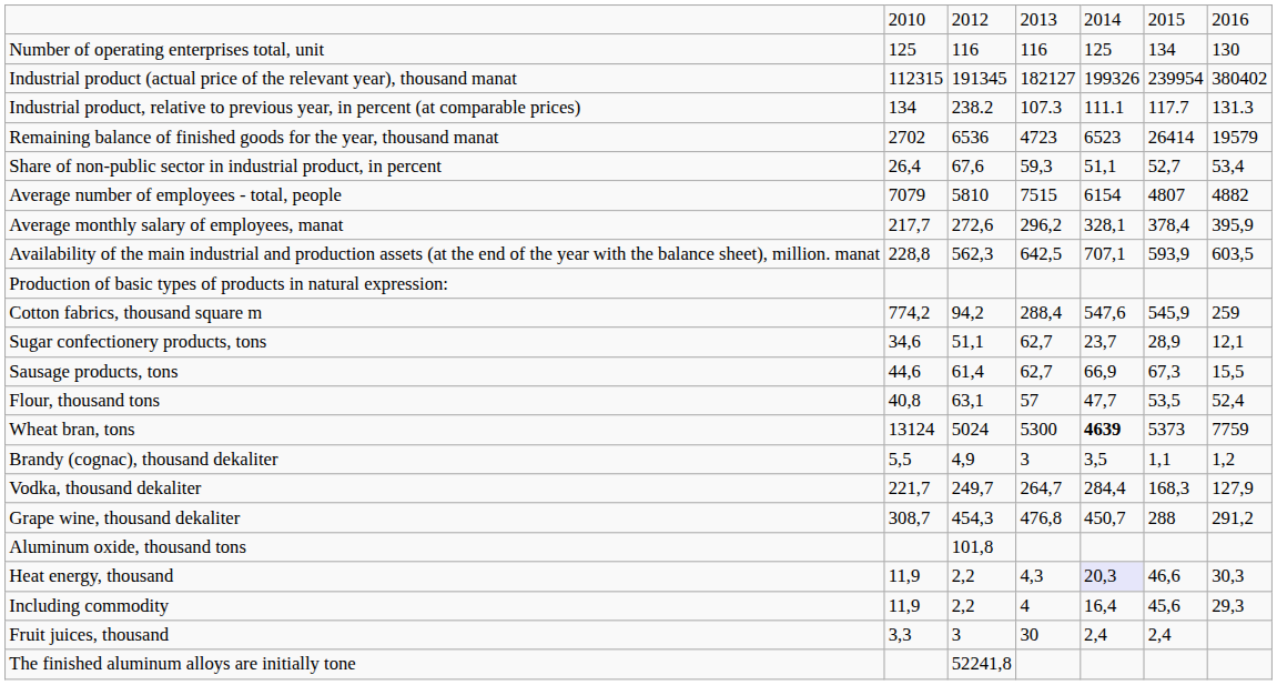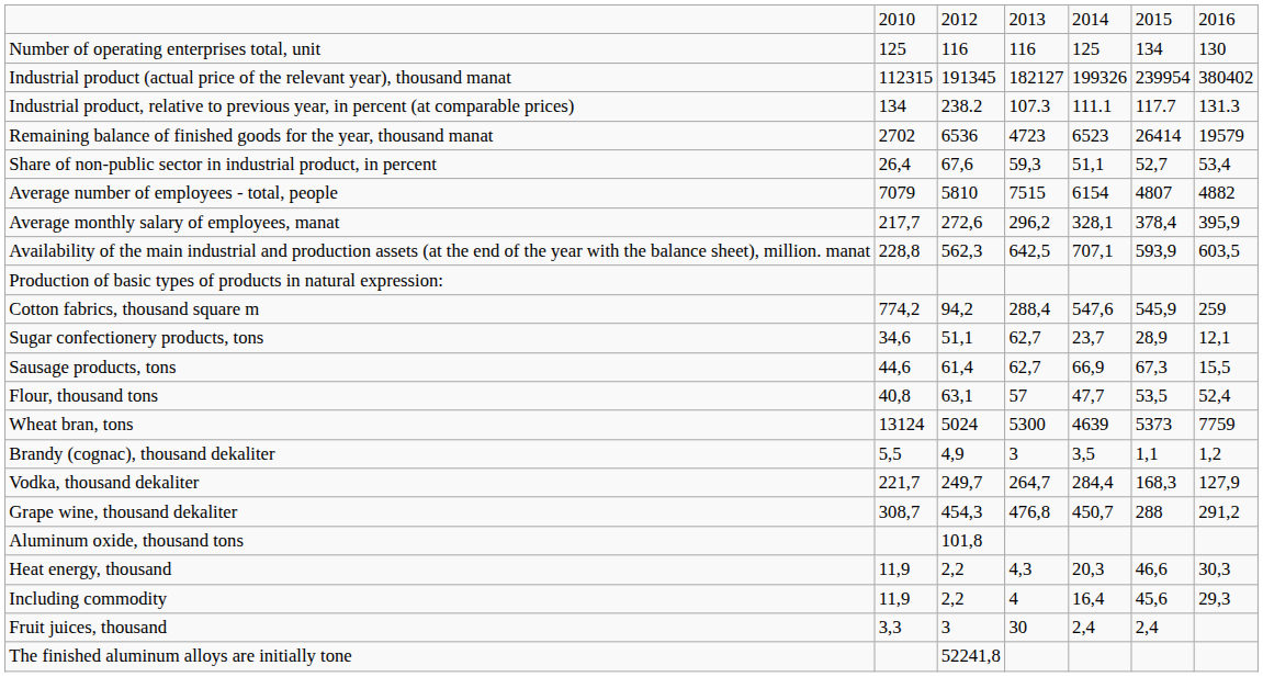 <table class="wikitable">
 <tr>
 <td></td>
 <td>2010</td>
 <td>2012</td>
 <td>2013</td>
 <td>2014</td>
 <td>2015</td>
 <td>2016</td>
 </tr>
 <tr>
 <td>Number of operating  enterprises total, unit</td>
 <td>125</td>
 <td>116</td>
 <td>116</td>
 <td>125</td>
 <td>134</td>
 <td>130</td>
 </tr>
 <tr>
 <td>Industrial product  (actual price of the relevant year), thousand manat</td>
 <td>112315</td>
 <td>191345</td>
 <td>182127</td>
 <td>199326</td>
 <td>239954</td>
 <td>380402</td>
 </tr>
 <tr>
 <td>Industrial product,  relative to previous year, in percent (at comparable prices)</td>
 <td>134</td>
 <td>238.2</td>
 <td>107.3</td>
 <td>111.1</td>
 <td>117.7</td>
 <td>131.3</td>
 </tr>
 <tr>
 <td>Remaining balance of  finished goods for the year, thousand manat</td>
 <td>2702</td>
 <td>6536</td>
 <td>4723</td>
 <td>6523</td>
 <td>26414</td>
 <td>19579</td>
 </tr>
 <tr>
 <td>Share of non-public  sector in industrial product, in percent</td>
 <td>26,4</td>
 <td>67,6</td>
 <td>59,3</td>
 <td>51,1</td>
 <td>52,7</td>
 <td>53,4</td>
 </tr>
 <tr>
 <td>Average number of  employees - total, people</td>
 <td>7079</td>
 <td>5810</td>
 <td>7515</td>
 <td>6154</td>
 <td>4807</td>
 <td>4882</td>
 </tr>
 <tr>
 <td>Average monthly  salary of employees, manat</td>
 <td>217,7</td>
 <td>272,6</td>
 <td>296,2</td>
 <td>328,1</td>
 <td>378,4</td>
 <td>395,9</td>
 </tr>
 <tr>
 <td>Availability of the  main industrial and production assets (at the end of the year with the  balance sheet), million. manat</td>
 <td>228,8</td>
 <td>562,3</td>
 <td>642,5</td>
 <td>707,1</td>
 <td>593,9</td>
 <td>603,5</td>
 </tr>
 <tr>
 <td>Production of basic  types of products in natural expression:</td>
 <td></td>
 <td></td>
 <td></td>
 <td></td>
 <td></td>
 <td></td>
 </tr>
 <tr>
 <td>Cotton fabrics,  thousand square m</td>
 <td>774,2</td>
 <td>94,2</td>
 <td>288,4</td>
 <td>547,6</td>
 <td>545,9</td>
 <td>259</td>
 </tr>
 <tr>
 <td>Sugar confectionery  products, tons</td>
 <td>34,6</td>
 <td>51,1</td>
 <td>62,7</td>
 <td>23,7</td>
 <td>28,9</td>
 <td>12,1</td>
 </tr>
 <tr>
 <td>Sausage products,  tons</td>
 <td>44,6</td>
 <td>61,4</td>
 <td>62,7</td>
 <td>66,9</td>
 <td>67,3</td>
 <td>15,5</td>
 </tr>
 <tr>
 <td>Flour, thousand tons</td>
 <td>40,8</td>
 <td>63,1</td>
 <td>57</td>
 <td>47,7</td>
 <td>53,5</td>
 <td>52,4</td>
 </tr>
 <tr>
 <td>Wheat bran, tons</td>
 <td>13124</td>
 <td>5024</td>
 <td>5300</td>
-<td><strong>4639</strong></td>
+<td>4639</td>
 <td>5373</td>
 <td>7759</td>
 </tr>
 <tr>
 <td>Brandy  (cognac), thousand dekaliter</td>
 <td>5,5</td>
 <td>4,9</td>
 <td>3</td>
 <td>3,5</td>
 <td>1,1</td>
 <td>1,2</td>
 </tr>
 <tr>
 <td>Vodka, thousand  dekaliter</td>
 <td>221,7</td>
 <td>249,7</td>
 <td>264,7</td>
 <td>284,4</td>
 <td>168,3</td>
 <td>127,9</td>
 </tr>
 <tr>
 <td>Grape wine, thousand  dekaliter</td>
 <td>308,7</td>
 <td>454,3</td>
 <td>476,8</td>
 <td>450,7</td>
 <td>288</td>
 <td>291,2</td>
 </tr>
 <tr>
 <td>Aluminum oxide,  thousand tons</td>
 <td></td>
 <td>101,8</td>
 <td></td>
 <td></td>
 <td></td>
 <td></td>
 </tr>
 <tr>
 <td>Heat energy, thousand</td>
 <td>11,9</td>
 <td>2,2</td>
 <td>4,3</td>
-<td style="background: lavender;">20,3</td>
+<td>20,3</td>
 <td>46,6</td>
 <td>30,3</td>
 </tr>
 <tr>
 <td>Including commodity</td>
 <td>11,9</td>
 <td>2,2</td>
 <td>4</td>
 <td>16,4</td>
 <td>45,6</td>
 <td>29,3</td>
 </tr>
 <tr>
 <td>Fruit juices,  thousand</td>
 <td>3,3</td>
 <td>3</td>
 <td>30</td>
 <td>2,4</td>
 <td>2,4</td>
 <td></td>
 </tr>
 <tr>
 <td>The finished aluminum  alloys are initially tone</td>
 <td></td>
 <td>52241,8</td>
 <td></td>
 <td></td>
 <td></td>
 <td></td>
 </tr>
 </table>
